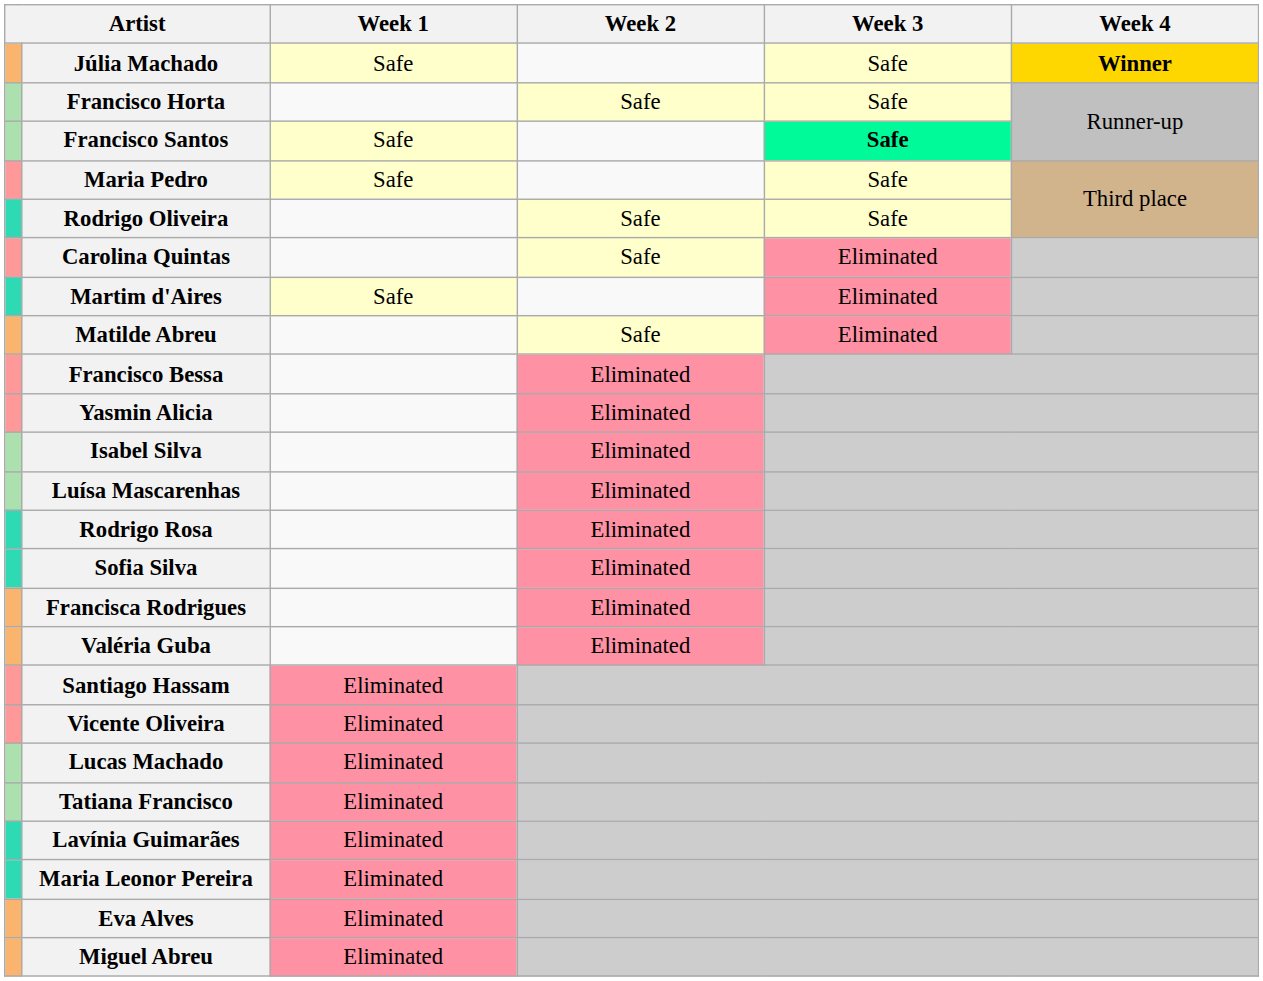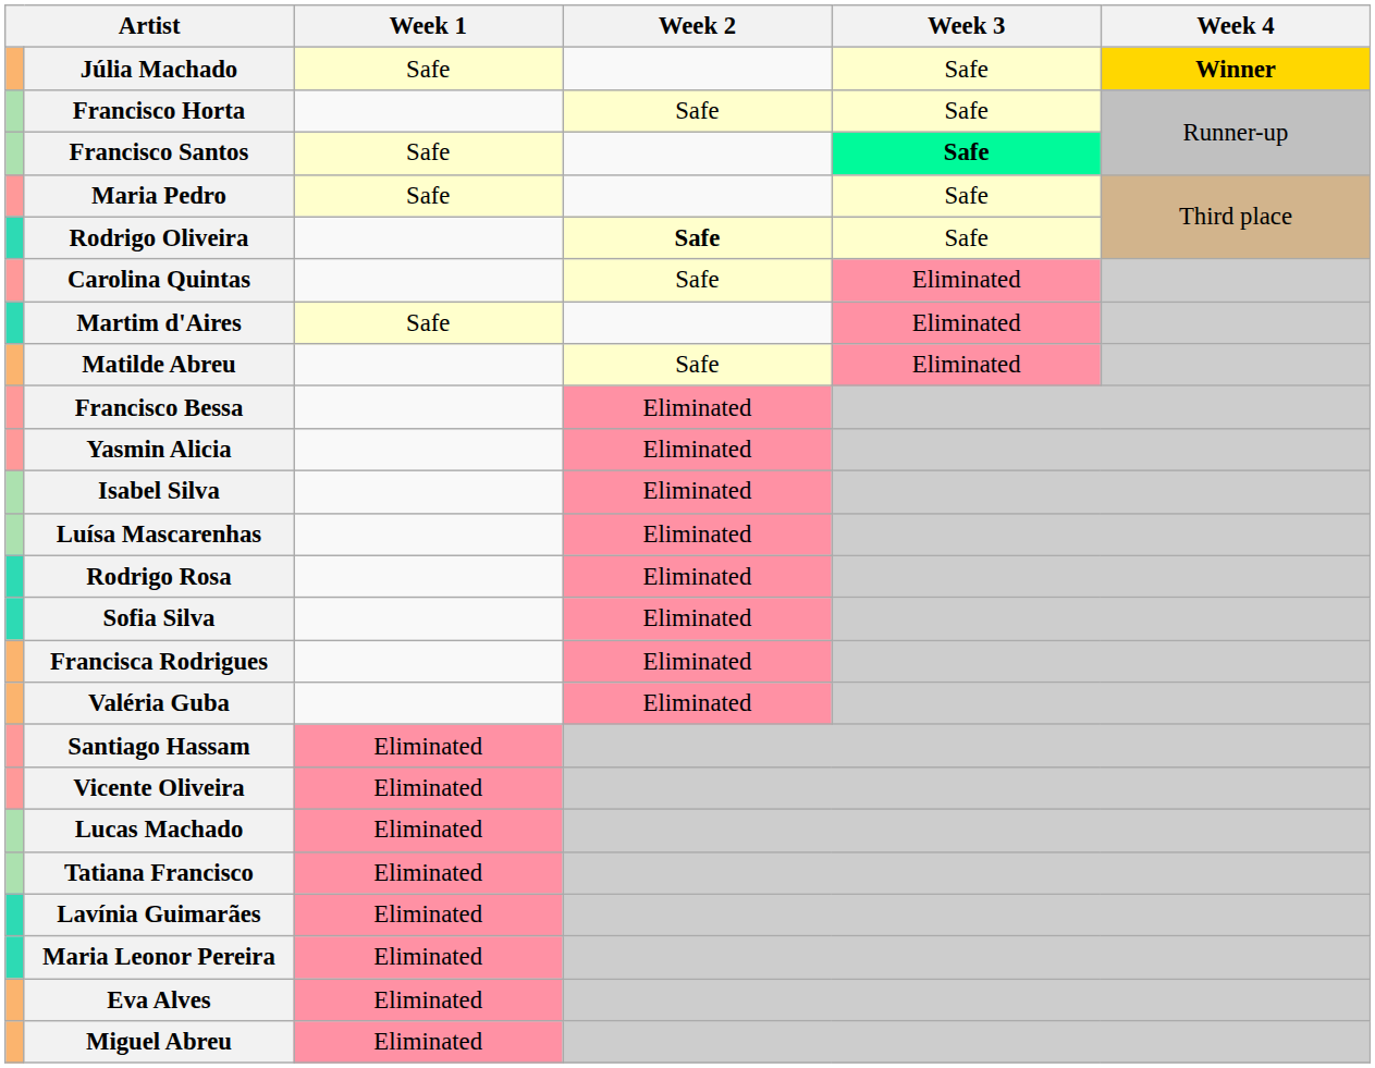 <table class="wikitable nowrap" style="text-align:center; line-height:20px; width:100%">
 <tr>
 <th style="width:15%" colspan="2">Artist</th>
 <th style="width:14%">Week 1</th>
 <th style="width:14%">Week 2</th>
 <th style="width:14%">Week 3</th>
 <th style="width:14%">Week 4</th>
 </tr>
 <tr>
 <th style="background:#fbb46e"></th>
 <th>Júlia Machado</th>
 <td style="background:#FFFFCC">Safe</td>
 <td></td>
 <td style="background:#FFFFCC">Safe</td>
 <td style="background:gold"><strong>Winner</strong></td>
 </tr>
 <tr>
 <th style="background:#ace1af"></th>
 <th>Francisco Horta</th>
 <td></td>
 <td style="background:#FFFFCC">Safe</td>
 <td style="background:#FFFFCC">Safe</td>
 <td rowspan="2" style="background:silver">Runner-up</td>
 </tr>
 <tr>
 <th style="background:#ace1af"></th>
 <th>Francisco Santos</th>
 <td style="background:#FFFFCC">Safe</td>
 <td></td>
 <td style="background:#00fa9a"><strong>Safe</strong></td>
 </tr>
 <tr>
 <th style="background:#ff9999"></th>
 <th>Maria Pedro</th>
 <td style="background:#FFFFCC">Safe</td>
 <td></td>
 <td style="background:#FFFFCC">Safe</td>
 <td rowspan="2" style="background:tan">Third place</td>
 </tr>
 <tr>
 <th style="background:#2ddab4"></th>
 <th>Rodrigo Oliveira</th>
 <td></td>
-<td style="background:#FFFFCC">Safe</td>
+<td style="background:#FFFFCC"><strong>Safe</strong></td>
 <td style="background:#FFFFCC">Safe</td>
 </tr>
 <tr>
 <th style="background:#ff9999"></th>
 <th>Carolina Quintas</th>
 <td></td>
 <td style="background:#FFFFCC">Safe</td>
 <td style="background:#FF91A4">Eliminated</td>
 <td style="background:#cdcdcd"></td>
 </tr>
 <tr>
 <th style="background:#2ddab4"></th>
 <th>Martim d'Aires</th>
 <td style="background:#FFFFCC">Safe</td>
 <td></td>
 <td style="background:#FF91A4">Eliminated</td>
 <td style="background:#cdcdcd"></td>
 </tr>
 <tr>
 <th style="background:#fbb46e"></th>
 <th>Matilde Abreu</th>
 <td></td>
 <td style="background:#FFFFCC">Safe</td>
 <td style="background:#FF91A4">Eliminated</td>
 <td style="background:#cdcdcd"></td>
 </tr>
 <tr>
 <th style="background:#ff9999"></th>
 <th>Francisco Bessa</th>
 <td></td>
 <td style="background:#FF91A4">Eliminated</td>
 <td style="background:#cdcdcd" colspan="3"></td>
 </tr>
 <tr>
 <th style="background:#ff9999"></th>
 <th>Yasmin Alicia</th>
 <td></td>
 <td style="background:#FF91A4">Eliminated</td>
 <td style="background:#cdcdcd" colspan="3"></td>
 </tr>
 <tr>
 <th style="background:#ace1af"></th>
 <th>Isabel Silva</th>
 <td></td>
 <td style="background:#FF91A4">Eliminated</td>
 <td style="background:#cdcdcd" colspan="3"></td>
 </tr>
 <tr>
 <th style="background:#ace1af"></th>
 <th>Luísa Mascarenhas</th>
 <td></td>
 <td style="background:#FF91A4">Eliminated</td>
 <td style="background:#cdcdcd" colspan="3"></td>
 </tr>
 <tr>
 <th style="background:#2ddab4"></th>
 <th>Rodrigo Rosa</th>
 <td></td>
 <td style="background:#FF91A4">Eliminated</td>
 <td style="background:#cdcdcd" colspan="3"></td>
 </tr>
 <tr>
 <th style="background:#2ddab4"></th>
 <th>Sofia Silva</th>
 <td></td>
 <td style="background:#FF91A4">Eliminated</td>
 <td style="background:#cdcdcd" colspan="3"></td>
 </tr>
 <tr>
 <th style="background:#fbb46e"></th>
 <th>Francisca Rodrigues</th>
 <td></td>
 <td style="background:#FF91A4">Eliminated</td>
 <td style="background:#cdcdcd" colspan="3"></td>
 </tr>
 <tr>
 <th style="background:#fbb46e"></th>
 <th>Valéria Guba</th>
 <td></td>
 <td style="background:#FF91A4">Eliminated</td>
 <td style="background:#cdcdcd" colspan="3"></td>
 </tr>
 <tr>
 <th style="background:#ff9999; width:1%"></th>
 <th>Santiago Hassam</th>
 <td style="background:#FF91A4">Eliminated</td>
 <td style="background:#cdcdcd" colspan="3"></td>
 </tr>
 <tr>
 <th style="background:#ff9999"></th>
 <th>Vicente Oliveira</th>
 <td style="background:#FF91A4">Eliminated</td>
 <td style="background:#cdcdcd" colspan="3"></td>
 </tr>
 <tr>
 <th style="background:#ace1af"></th>
 <th>Lucas Machado</th>
 <td style="background:#FF91A4">Eliminated</td>
 <td style="background:#cdcdcd" colspan="3"></td>
 </tr>
 <tr>
 <th style="background:#ace1af"></th>
 <th>Tatiana Francisco</th>
 <td style="background:#FF91A4">Eliminated</td>
 <td style="background:#cdcdcd" colspan="3"></td>
 </tr>
 <tr>
 <th style="background:#2ddab4"></th>
 <th>Lavínia Guimarães</th>
 <td style="background:#FF91A4">Eliminated</td>
 <td style="background:#cdcdcd" colspan="3"></td>
 </tr>
 <tr>
 <th style="background:#2ddab4"></th>
 <th>Maria Leonor Pereira</th>
 <td style="background:#FF91A4">Eliminated</td>
 <td style="background:#cdcdcd" colspan="3"></td>
 </tr>
 <tr>
 <th style="background:#fbb46e"></th>
 <th>Eva Alves</th>
 <td style="background:#FF91A4">Eliminated</td>
 <td style="background:#cdcdcd" colspan="3"></td>
 </tr>
 <tr>
 <th style="background:#fbb46e"></th>
 <th>Miguel Abreu</th>
 <td style="background:#FF91A4">Eliminated</td>
 <td style="background:#cdcdcd" colspan="3"></td>
 </tr>
 </table>
